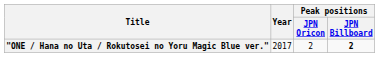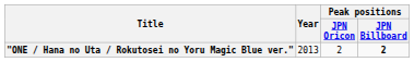 <table class="wikitable plainrowheaders" style="text-align:center;">
 <tr>
 <th scope="col" rowspan="2">Title</th>
 <th scope="col" rowspan="2">Year</th>
 <th scope="col" colspan="2">Peak positions</th>
 </tr>
 <tr>
 <th scope="col" style="width:50px"><a href='#'>JPN<br>Oricon</a><br></th>
 <th scope="col" style="width:50px"><a href='#'>JPN<br>Billboard</a></th>
 </tr>
 <tr>
 <th scope="row">"ONE / Hana no Uta / Rokutosei no Yoru Magic Blue ver."</th>
-<td rowspan="1">2017</td>
+<td rowspan="1">2013</td>
 <td>2</td>
 <td><strong>2</strong></td>
 </tr>
 </table>
